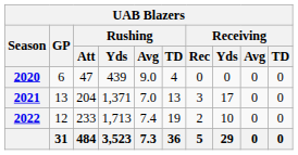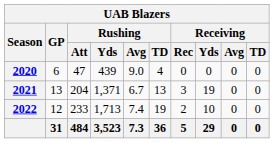 <table class="wikitable" style="text-align:center;">
 <tr>
 <th colspan="10">UAB Blazers</th>
 </tr>
 <tr>
 <th rowspan="2">Season</th>
 <th rowspan="2">GP</th>
 <th colspan="4">Rushing</th>
 <th colspan="4">Receiving</th>
 </tr>
 <tr>
 <th>Att</th>
 <th>Yds</th>
 <th>Avg</th>
 <th>TD</th>
 <th>Rec</th>
 <th>Yds</th>
 <th>Avg</th>
 <th>TD</th>
 </tr>
 <tr>
 <th><a href='#'>2020</a></th>
 <td>6</td>
 <td>47</td>
 <td>439</td>
 <td>9.0</td>
 <td>4</td>
 <td>0</td>
 <td>0</td>
 <td>0</td>
 <td>0</td>
 </tr>
 <tr>
 <th><a href='#'>2021</a></th>
 <td>13</td>
 <td>204</td>
 <td>1,371</td>
-<td>7.0</td>
+<td>6.7</td>
 <td>13</td>
 <td>3</td>
-<td>17</td>
+<td>19</td>
 <td>0</td>
 <td>0</td>
 </tr>
 <tr>
 <th><a href='#'>2022</a></th>
 <td>12</td>
 <td>233</td>
 <td>1,713</td>
 <td>7.4</td>
 <td>19</td>
 <td>2</td>
 <td>10</td>
 <td>0</td>
 <td>0</td>
 </tr>
 <tr>
 <th></th>
 <th>31</th>
 <th>484</th>
 <th>3,523</th>
 <th>7.3</th>
 <th>36</th>
 <th>5</th>
 <th>29</th>
 <th>0</th>
 <th>0</th>
 </tr>
 </table>
